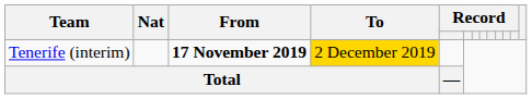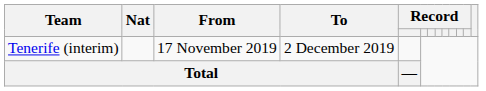 <table class="wikitable" style="text-align: center">
 <tr>
 <th rowspan="2">Team</th>
 <th rowspan="2">Nat</th>
 <th rowspan="2">From</th>
 <th rowspan="2">To</th>
 <th colspan="8">Record</th>
 <th rowspan=2></th>
 </tr>
 <tr>
 <th></th>
 <th></th>
 <th></th>
 <th></th>
 <th></th>
 <th></th>
 <th></th>
 <th></th>
 </tr>
 <tr>
 <td align=left><a href='#'>Tenerife</a> (interim)</td>
 <td></td>
-<td align=left><strong>17 November 2019</strong></td>
-<td align=left style="background: gold;">2 December 2019<br></td>
+<td align=left>17 November 2019</td>
+<td align=left>2 December 2019<br></td>
 <td></td>
 </tr>
 <tr>
 <th colspan="4">Total<br></th>
 <th>—</th>
 </tr>
 </table>
